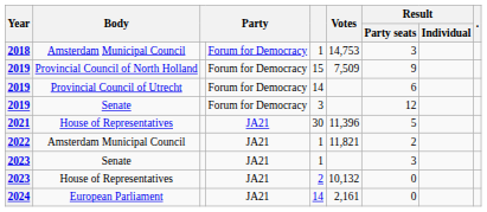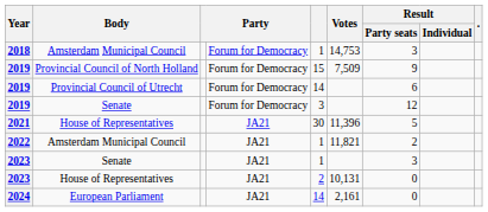 <table class="wikitable plainrowheaders sortable" border=2 cellpadding=4 cellspacing=0 style="border: 1px #aaa solid; font-size: 90%; text-align:center;">
 <tr>
 <th scope="col" rowspan=2>Year</th>
 <th scope="col" rowspan=2>Body</th>
 <th scope="col" colspan=2 rowspan=2>Party</th>
 <th scope="col" rowspan=2></th>
 <th scope="col" rowspan=2>Votes</th>
 <th scope="colgroup" colspan=2>Result</th>
 <th scope="col" rowspan=2 class="unsortable">.</th>
 </tr>
 <tr>
 <th scope="col">Party seats</th>
 <th scope="col">Individual</th>
 </tr>
 <tr>
 <th scope="row"><a href='#'>2018</a></th>
 <td><a href='#'>Amsterdam</a> <a href='#'>Municipal Council</a></td>
 <td style="background-color:"></td>
 <td><a href='#'>Forum for Democracy</a></td>
 <td style=text-align:right>1</td>
 <td style=text-align:right>14,753</td>
 <td style=text-align:right>3</td>
 <td></td>
 <td></td>
 </tr>
 <tr>
 <th scope="row"><a href='#'>2019</a></th>
 <td><a href='#'>Provincial Council of North Holland</a></td>
 <td style="background-color:"></td>
 <td>Forum for Democracy</td>
 <td style=text-align:right>15</td>
 <td style=text-align:right>7,509</td>
 <td style=text-align:right>9</td>
 <td></td>
 <td></td>
 </tr>
 <tr>
 <th scope="row"><a href='#'>2019</a></th>
 <td><a href='#'>Provincial Council of Utrecht</a></td>
 <td style="background-color:"></td>
 <td>Forum for Democracy</td>
 <td style=text-align:right>14</td>
 <td style=text-align:right></td>
 <td style=text-align:right>6</td>
 <td></td>
 <td></td>
 </tr>
 <tr>
 <th scope="row"><a href='#'>2019</a></th>
 <td><a href='#'>Senate</a></td>
 <td style="background-color:"></td>
 <td>Forum for Democracy</td>
 <td style=text-align:right>3</td>
 <td style=text-align:right></td>
 <td style=text-align:right>12</td>
 <td></td>
 <td></td>
 </tr>
 <tr>
 <th scope="row"><a href='#'>2021</a></th>
 <td><a href='#'>House of Representatives</a></td>
 <td style="background-color:"></td>
 <td><a href='#'>JA21</a></td>
 <td style=text-align:right>30</td>
 <td style=text-align:right>11,396</td>
 <td style=text-align:right>5</td>
 <td></td>
 <td></td>
 </tr>
 <tr>
 <th scope="row"><a href='#'>2022</a></th>
 <td>Amsterdam Municipal Council</td>
 <td style="background-color:"></td>
 <td>JA21</td>
 <td style=text-align:right>1</td>
 <td style=text-align:right>11,821</td>
 <td style=text-align:right>2</td>
 <td></td>
 <td></td>
 </tr>
 <tr>
 <th scope="row"><a href='#'>2023</a></th>
 <td>Senate</td>
 <td style="background-color:"></td>
 <td>JA21</td>
 <td style=text-align:right>1</td>
 <td style=text-align:right></td>
 <td style=text-align:right>3</td>
 <td></td>
 <td></td>
 </tr>
 <tr>
 <th scope="row"><a href='#'>2023</a></th>
 <td>House of Representatives</td>
 <td style="background-color:"></td>
 <td>JA21</td>
 <td style=text-align:right><a href='#'>2</a></td>
-<td style=text-align:right>10,132</td>
+<td style=text-align:right>10,131</td>
 <td style=text-align:right>0</td>
 <td></td>
 <td></td>
 </tr>
 <tr>
 <th scope="row"><a href='#'>2024</a></th>
 <td><a href='#'>European Parliament</a></td>
 <td style="background-color:"></td>
 <td>JA21</td>
 <td style=text-align:right><a href='#'>14</a></td>
 <td style=text-align:right>2,161</td>
 <td style=text-align:right>0</td>
 <td></td>
 <td></td>
 </tr>
 </table>
